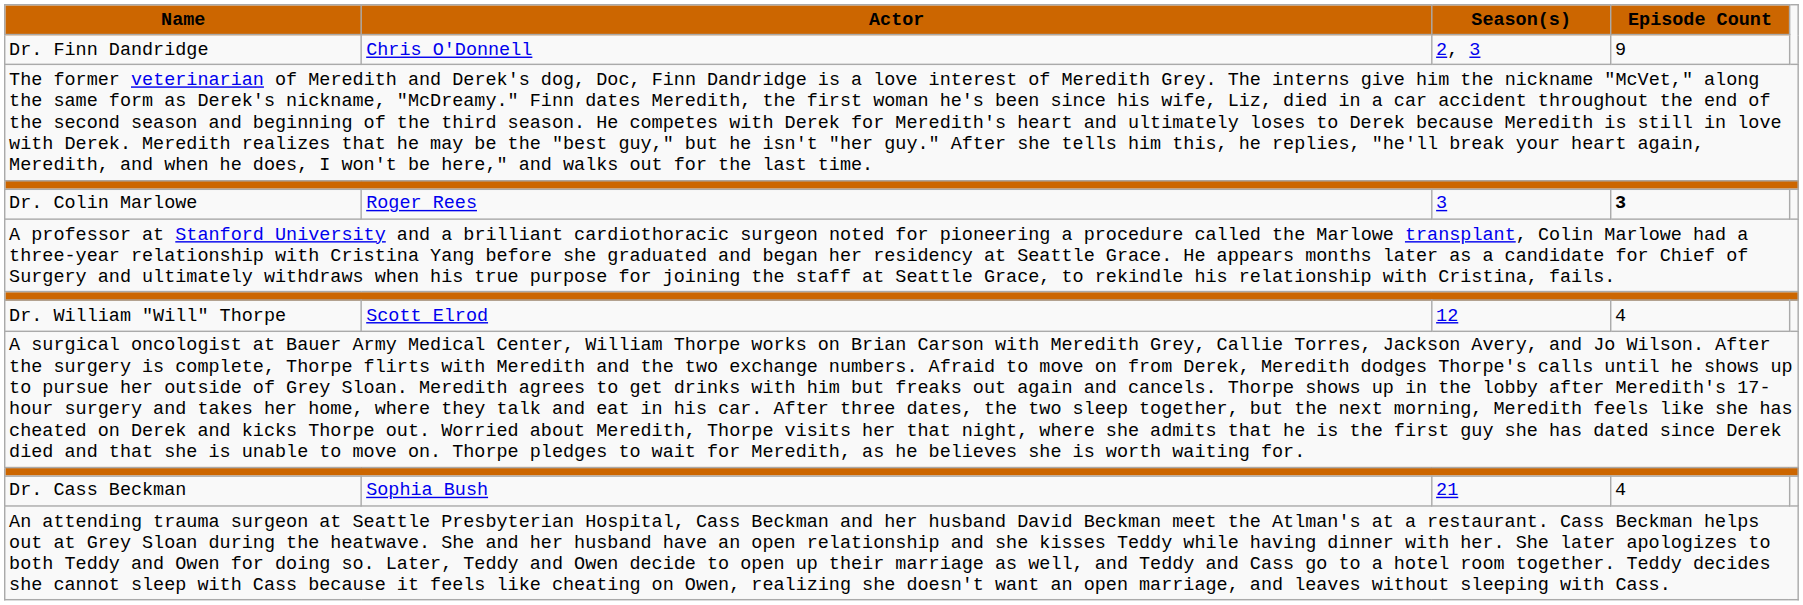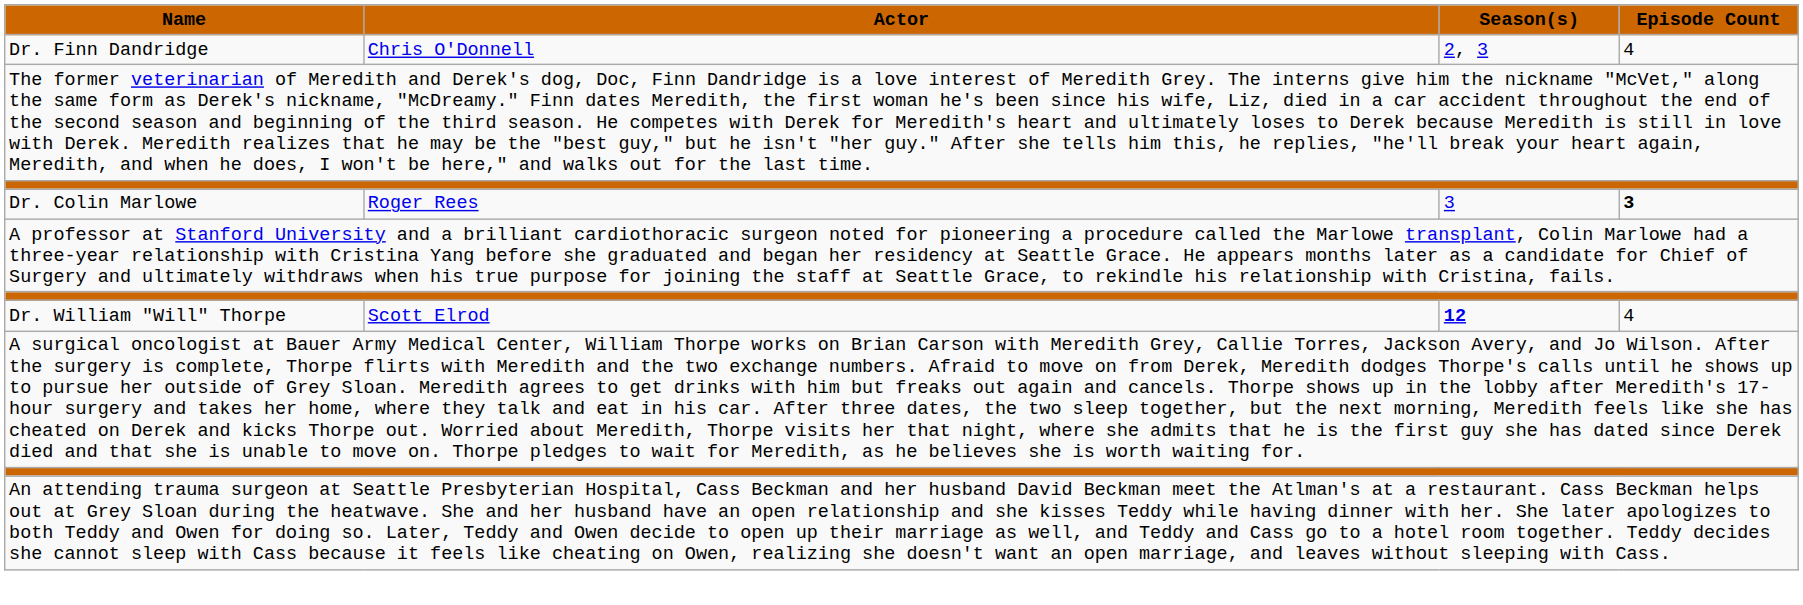 <table class="wikitable" style="width:100%; margin-right:auto;">
 <tr>
 <th style="background-color:#CC6600; width:20%">Name</th>
 <th style="background-color:#CC6600; width:60%">Actor</th>
 <th style="background-color:#CC6600; width:10%">Season(s)</th>
 <th style="background-color:#CC6600; width:10%">Episode Count</th>
 </tr>
 <tr>
 <td>Dr. Finn Dandridge</td>
 <td><a href='#'>Chris O'Donnell</a></td>
 <td><a href='#'>2</a>, <a href='#'>3</a></td>
-<td>9</td>
+<td>4</td>
 </tr>
 <tr>
 <td colspan="5">The former <a href='#'>veterinarian</a> of Meredith and Derek's dog, Doc, Finn Dandridge is a love interest of Meredith Grey. The interns give him the nickname "McVet," along the same form as Derek's nickname, "McDreamy." Finn dates Meredith, the first woman he's been since his wife, Liz, died in a car accident throughout the end of the second season and beginning of the third season. He competes with Derek for Meredith's heart and ultimately loses to Derek because Meredith is still in love with Derek. Meredith realizes that he may be the "best guy," but he isn't "her guy." After she tells him this, he replies, "he'll break your heart again, Meredith, and when he does, I won't be here," and walks out for the last time.</td>
 </tr>
 <tr>
 <td colspan="5" bgcolor="#CC6600"></td>
 </tr>
 <tr>
 <td>Dr. Colin Marlowe</td>
 <td><a href='#'>Roger Rees</a></td>
 <td><a href='#'>3</a></td>
 <td><strong>3</strong></td>
 </tr>
 <tr>
 <td colspan="5">A professor at <a href='#'>Stanford University</a> and a brilliant cardiothoracic surgeon noted for pioneering a procedure called the Marlowe <a href='#'>transplant</a>, Colin Marlowe had a three-year relationship with Cristina Yang before she graduated and began her residency at Seattle Grace. He appears months later as a candidate for Chief of Surgery and ultimately withdraws when his true purpose for joining the staff at Seattle Grace, to rekindle his relationship with Cristina, fails.</td>
 </tr>
 <tr>
 <td colspan="5" bgcolor="#CC6600"></td>
 </tr>
 <tr>
 <td>Dr. William "Will" Thorpe</td>
 <td><a href='#'>Scott Elrod</a></td>
-<td><a href='#'>12</a></td>
+<td><strong><a href='#'>12</a></strong></td>
 <td>4</td>
 </tr>
 <tr>
 <td colspan="5">A surgical oncologist at Bauer Army Medical Center, William Thorpe works on Brian Carson with Meredith Grey, Callie Torres, Jackson Avery, and Jo Wilson. After the surgery is complete, Thorpe flirts with Meredith and the two exchange numbers. Afraid to move on from Derek, Meredith dodges Thorpe's calls until he shows up to pursue her outside of Grey Sloan. Meredith agrees to get drinks with him but freaks out again and cancels. Thorpe shows up in the lobby after Meredith's 17-hour surgery and takes her home, where they talk and eat in his car. After three dates, the two sleep together, but the next morning, Meredith feels like she has cheated on Derek and kicks Thorpe out. Worried about Meredith, Thorpe visits her that night, where she admits that he is the first guy she has dated since Derek died and that she is unable to move on. Thorpe pledges to wait for Meredith, as he believes she is worth waiting for.</td>
 </tr>
 <tr>
 <td colspan="5" bgcolor="#CC6600"></td>
 </tr>
 <tr>
-<td>Dr. Cass Beckman</td>
-<td><a href='#'>Sophia Bush</a></td>
-<td><a href='#'>21</a></td>
-<td>4</td>
-<td></td>
-</tr>
-<tr>
 <td colspan="5">An attending trauma surgeon at Seattle Presbyterian Hospital, Cass Beckman and her husband David Beckman meet the Atlman's at a restaurant. Cass Beckman helps out at Grey Sloan during the heatwave. She and her husband have an open relationship and she kisses Teddy while having dinner with her. She later apologizes to both Teddy and Owen for doing so. Later, Teddy and Owen decide to open up their marriage as well, and Teddy and Cass go to a hotel room together. Teddy decides she cannot sleep with Cass because it feels like cheating on Owen, realizing she doesn't want an open marriage, and leaves without sleeping with Cass.</td>
 </tr>
 </table>
